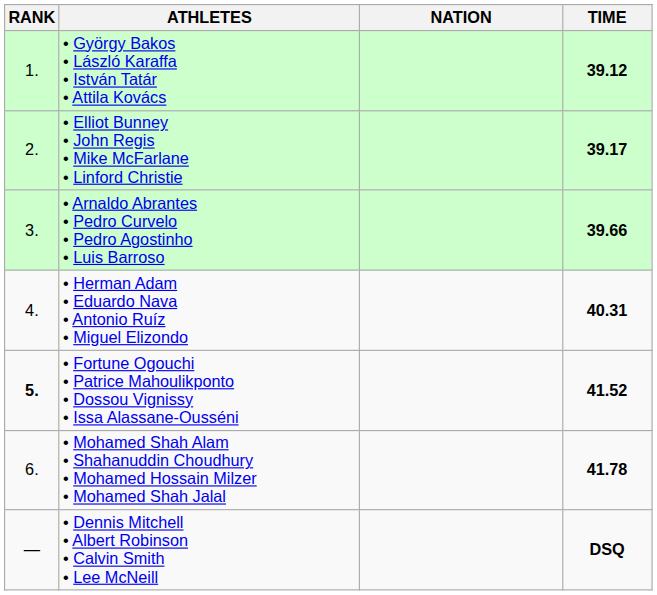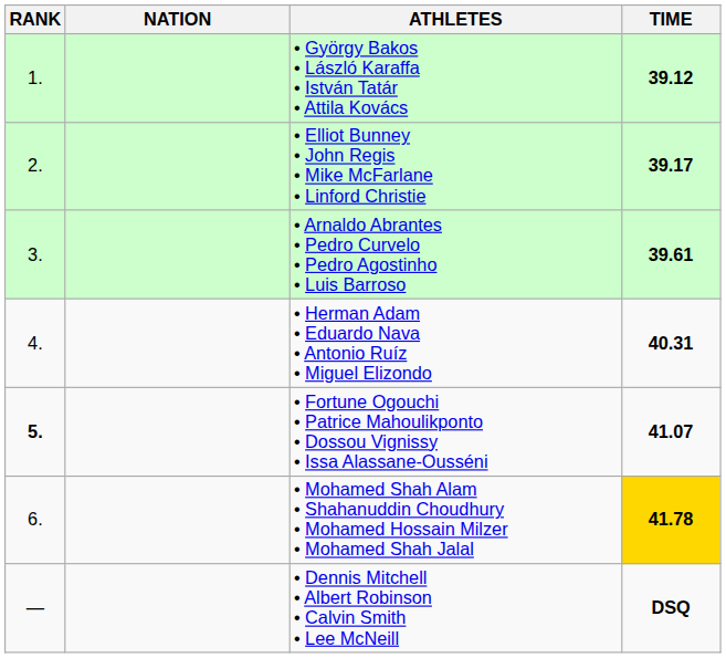 <table class="wikitable" style="border-collapse: collapse; font-size: 90%;">
 <tr>
 <th>RANK</th>
+<th style="width: 12em">NATION</th>
 <th style="width: 18em">ATHLETES</th>
-<th style="width: 12em">NATION</th>
 <th style="width: 5em">TIME</th>
 </tr>
 <tr style="background:#ccffcc;">
 <td align="center">1.</td>
+<td align="center"></td>
 <td>• <a href='#'>György Bakos</a><br>• <a href='#'>László Karaffa</a><br>• <a href='#'>István Tatár</a><br>• <a href='#'>Attila Kovács</a></td>
-<td align="center"></td>
 <td align="center"><strong>39.12</strong></td>
 </tr>
 <tr style="background:#ccffcc;">
 <td align="center">2.</td>
+<td align="center"></td>
 <td>• <a href='#'>Elliot Bunney</a><br>• <a href='#'>John Regis</a><br>• <a href='#'>Mike McFarlane</a><br>• <a href='#'>Linford Christie</a></td>
-<td align="center"></td>
 <td align="center"><strong>39.17</strong></td>
 </tr>
 <tr style="background:#ccffcc;">
 <td align="center">3.</td>
+<td align="center"></td>
 <td>• <a href='#'>Arnaldo Abrantes</a><br>• <a href='#'>Pedro Curvelo</a><br>• <a href='#'>Pedro Agostinho</a><br>• <a href='#'>Luis Barroso</a></td>
-<td align="center"></td>
-<td align="center"><strong>39.66</strong></td>
+<td align="center"><strong>39.61</strong></td>
 </tr>
 <tr>
 <td align="center">4.</td>
+<td align="center"></td>
 <td>• <a href='#'>Herman Adam</a><br>• <a href='#'>Eduardo Nava</a><br>• <a href='#'>Antonio Ruíz</a><br>• <a href='#'>Miguel Elizondo</a></td>
-<td align="center"></td>
 <td align="center"><strong>40.31</strong></td>
 </tr>
 <tr>
 <td align="center"><strong>5.</strong></td>
+<td align="center"></td>
 <td>• <a href='#'>Fortune Ogouchi</a><br>• <a href='#'>Patrice Mahoulikponto</a><br>• <a href='#'>Dossou Vignissy</a><br>• <a href='#'>Issa Alassane-Ousséni</a></td>
-<td align="center"></td>
-<td align="center"><strong>41.52</strong></td>
+<td align="center"><strong>41.07</strong></td>
 </tr>
 <tr>
 <td align="center">6.</td>
+<td align="center"></td>
 <td>• <a href='#'>Mohamed Shah Alam</a><br>• <a href='#'>Shahanuddin Choudhury</a><br>• <a href='#'>Mohamed Hossain Milzer</a><br>• <a href='#'>Mohamed Shah Jalal</a></td>
-<td align="center"></td>
-<td align="center"><strong>41.78</strong></td>
+<td align="center" style="background: gold;"><strong>41.78</strong></td>
 </tr>
 <tr>
 <td align="center">—</td>
+<td align="center"></td>
 <td>• <a href='#'>Dennis Mitchell</a><br>• <a href='#'>Albert Robinson</a><br>• <a href='#'>Calvin Smith</a><br>• <a href='#'>Lee McNeill</a></td>
-<td align="center"></td>
 <td align="center"><strong>DSQ</strong></td>
 </tr>
 </table>
